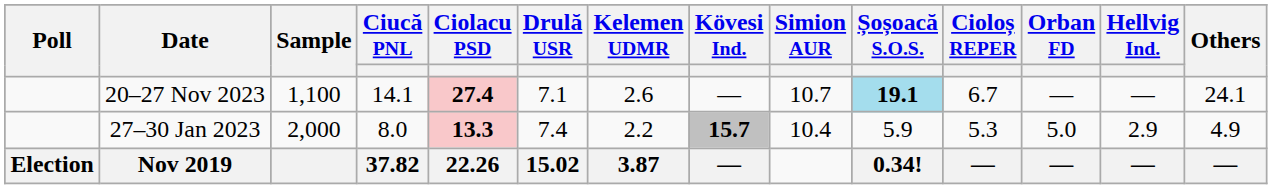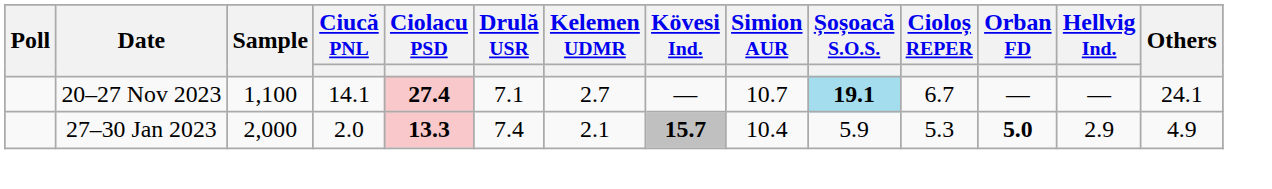 <table class="wikitable sortable" style="text-align:center;font-size:85%;line-height:14px;">
 <tr>
 <th rowspan="2">Poll</th>
 <th rowspan="2">Date</th>
 <th rowspan="2" style="width:35px;">Sample</th>
 <th class="unsortable" style="width:20px;"><a href='#'>Ciucă</a><br><small><a href='#'>PNL</a></small></th>
 <th class="unsortable" style="width:20px;"><a href='#'>Ciolacu</a><br><small><a href='#'>PSD</a></small></th>
 <th class="unsortable" style="width:20px;"><a href='#'>Drulă</a><br><small><a href='#'>USR</a></small></th>
 <th class="unsortable" style="width:20px;"><a href='#'>Kelemen</a><br><small><a href='#'>UDMR</a></small></th>
 <th class="unsortable" style="width:20px;"><a href='#'>Kövesi</a><br><small><a href='#'>Ind.</a></small></th>
 <th class="unsortable" style="width:20px;"><a href='#'>Simion</a><br><small><a href='#'>AUR</a></small></th>
 <th class="unsortable" style="width:20px;"><a href='#'>Șoșoacă</a><br><small><a href='#'>S.O.S.</a></small></th>
 <th class="unsortable" style="width:20px;"><a href='#'>Cioloș</a><br><small><a href='#'>REPER</a></small></th>
 <th class="unsortable" style="width:20px;"><a href='#'>Orban</a><br><small><a href='#'>FD</a></small></th>
 <th class="unsortable" style="width:20px;"><a href='#'>Hellvig</a><br><small><a href='#'>Ind.</a></small></th>
 <th rowspan="2"><strong>Others</strong></th>
 </tr>
 <tr>
 <th style="background:"></th>
 <th style="background:"></th>
 <th style="background:"></th>
 <th style="background:"></th>
 <th style="background:"></th>
 <th style="background:"></th>
 <th style="background:"></th>
 <th style="background:"></th>
 <th style="background:"></th>
 <th style="background:"></th>
 </tr>
 <tr>
 <td></td>
 <td>20–27 Nov 2023</td>
 <td>1,100</td>
 <td>14.1</td>
 <td style="background:#F9C8CA"><strong>27.4</strong></td>
 <td>7.1</td>
-<td>2.6</td>
+<td>2.7</td>
 <td>—</td>
 <td>10.7</td>
 <td style="background:#A4DDED"><strong>19.1</strong></td>
 <td>6.7</td>
 <td>—</td>
 <td>—</td>
 <td>24.1</td>
 </tr>
 <tr>
 <td></td>
 <td>27–30 Jan 2023</td>
 <td>2,000</td>
-<td>8.0</td>
+<td>2.0</td>
 <td style="background:#F9C8CA"><strong>13.3</strong></td>
 <td>7.4</td>
-<td>2.2</td>
+<td>2.1</td>
 <td style="background:#C0C0C0"><strong>15.7</strong></td>
 <td>10.4</td>
 <td>5.9</td>
 <td>5.3</td>
-<td>5.0</td>
+<td><strong>5.0</strong></td>
 <td>2.9</td>
 <td>4.9</td>
 </tr>
-<tr>
-<th>Election</th>
-<th>Nov 2019</th>
-<th></th>
-<th>37.82</th>
-<th>22.26</th>
-<th>15.02</th>
-<th>3.87</th>
-<th>—</th>
-<td></td>
-<th>0.34! </th>
-<th>—</th>
-<th>—</th>
-<th>—</th>
-<th>—</th>
-</tr>
 </table>
